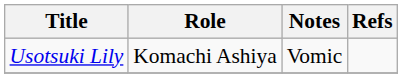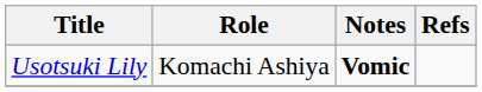 <table class="wikitable sortable">
 <tr>
 <th>Title</th>
 <th>Role</th>
 <th class="unsortable">Notes</th>
 <th class="unsortable">Refs</th>
 </tr>
 <tr>
 <td><em><a href='#'>Usotsuki Lily</a></em></td>
 <td>Komachi Ashiya</td>
-<td>Vomic</td>
+<td><strong>Vomic</strong></td>
 <td></td>
 </tr>
 <tr>
 </tr>
 </table>
